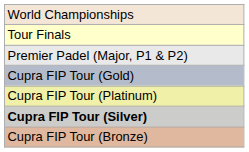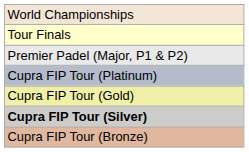 <table class=wikitable style=font-size:85%;width:20%>
 <tr bgcolor=#F3E6D7>
 <td>World Championships</td>
 </tr>
 <tr bgcolor=#ffffcc>
 <td>Tour Finals</td>
 </tr>
 <tr bgcolor=#E9E9E9>
 <td>Premier Padel (Major, P1 & P2)</td>
 </tr>
 <tr bgcolor=#b4bbca>
-<td>Cupra FIP Tour (Gold)</td>
+<td>Cupra FIP Tour (Platinum)</td>
 </tr>
 <tr bgcolor=#f0f0a8>
-<td>Cupra FIP Tour (Platinum)</td>
+<td>Cupra FIP Tour (Gold)</td>
 </tr>
 <tr bgcolor=#cccdcb>
 <td><strong>Cupra FIP Tour (Silver)</strong></td>
 </tr>
 <tr bgcolor=#e0b89f>
 <td>Cupra FIP Tour (Bronze)</td>
 </tr>
 </table>
